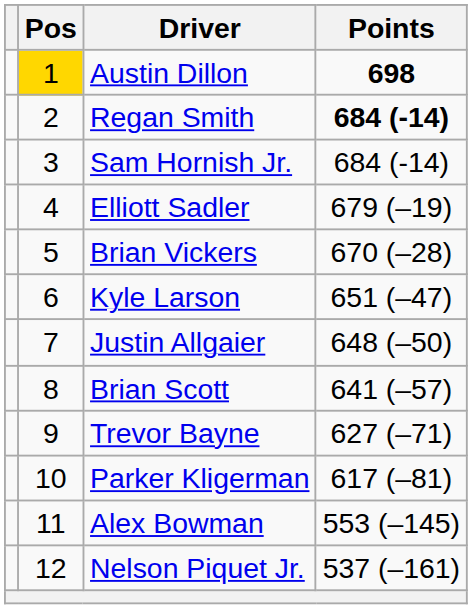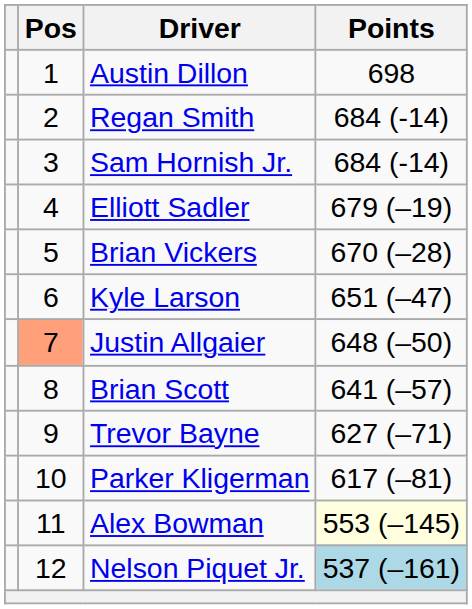 <table class="wikitable" style="font-size: 95%;">
 <tr>
 <th></th>
 <th>Pos</th>
 <th>Driver</th>
 <th>Points</th>
 </tr>
 <tr>
 <td align="left"></td>
-<td style="background: gold; text-align:center;">1</td>
+<td style="text-align:center;">1</td>
 <td><a href='#'>Austin Dillon</a></td>
-<td style="text-align:center;"><strong>698</strong></td>
+<td style="text-align:center;">698</td>
 </tr>
 <tr>
 <td align="left"></td>
 <td style="text-align:center;">2</td>
 <td><a href='#'>Regan Smith</a></td>
-<td style="text-align:center;"><strong>684 (-14)</strong></td>
+<td style="text-align:center;">684 (-14)</td>
 </tr>
 <tr>
 <td align="left"></td>
 <td style="text-align:center;">3</td>
 <td><a href='#'>Sam Hornish Jr.</a></td>
 <td style="text-align:center;">684 (-14)</td>
 </tr>
 <tr>
 <td align="left"></td>
 <td style="text-align:center;">4</td>
 <td><a href='#'>Elliott Sadler</a></td>
 <td style="text-align:center;">679 (–19)</td>
 </tr>
 <tr>
 <td align="left"></td>
 <td style="text-align:center;">5</td>
 <td><a href='#'>Brian Vickers</a></td>
 <td style="text-align:center;">670 (–28)</td>
 </tr>
 <tr>
 <td align="left"></td>
 <td style="text-align:center;">6</td>
 <td><a href='#'>Kyle Larson</a></td>
 <td style="text-align:center;">651 (–47)</td>
 </tr>
 <tr>
 <td align="left"></td>
-<td style="text-align:center;">7</td>
+<td style="background: lightsalmon; text-align:center;">7</td>
 <td><a href='#'>Justin Allgaier</a></td>
 <td style="text-align:center;">648 (–50)</td>
 </tr>
 <tr>
 <td align="left"></td>
 <td style="text-align:center;">8</td>
 <td><a href='#'>Brian Scott</a></td>
 <td style="text-align:center;">641 (–57)</td>
 </tr>
 <tr>
 <td align="left"></td>
 <td style="text-align:center;">9</td>
 <td><a href='#'>Trevor Bayne</a></td>
 <td style="text-align:center;">627 (–71)</td>
 </tr>
 <tr>
 <td align="left"></td>
 <td style="text-align:center;">10</td>
 <td><a href='#'>Parker Kligerman</a></td>
 <td style="text-align:center;">617 (–81)</td>
 </tr>
 <tr>
 <td align="left"></td>
 <td style="text-align:center;">11</td>
 <td><a href='#'>Alex Bowman</a></td>
-<td style="text-align:center;">553 (–145)</td>
+<td style="background: lightyellow; text-align:center;">553 (–145)</td>
 </tr>
 <tr>
 <td align="left"></td>
 <td style="text-align:center;">12</td>
 <td><a href='#'>Nelson Piquet Jr.</a></td>
-<td style="text-align:center;">537 (–161)</td>
+<td style="background: lightblue; text-align:center;">537 (–161)</td>
 </tr>
 <tr class="sortbottom">
 <th colspan="9"></th>
 </tr>
 </table>
